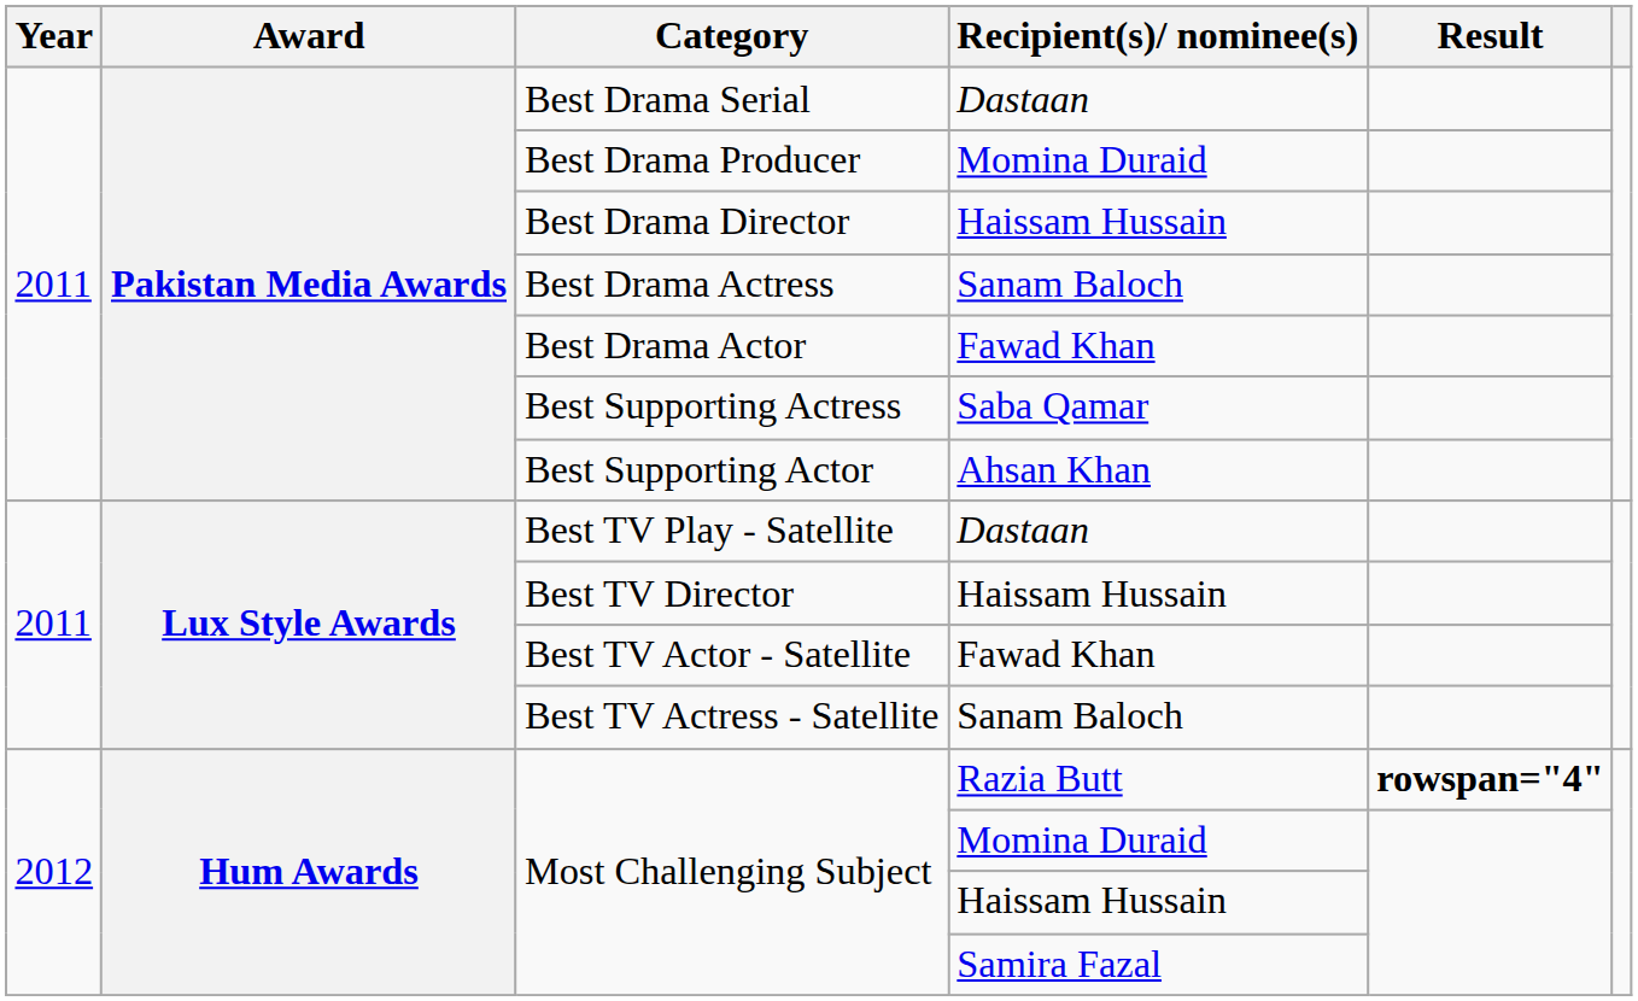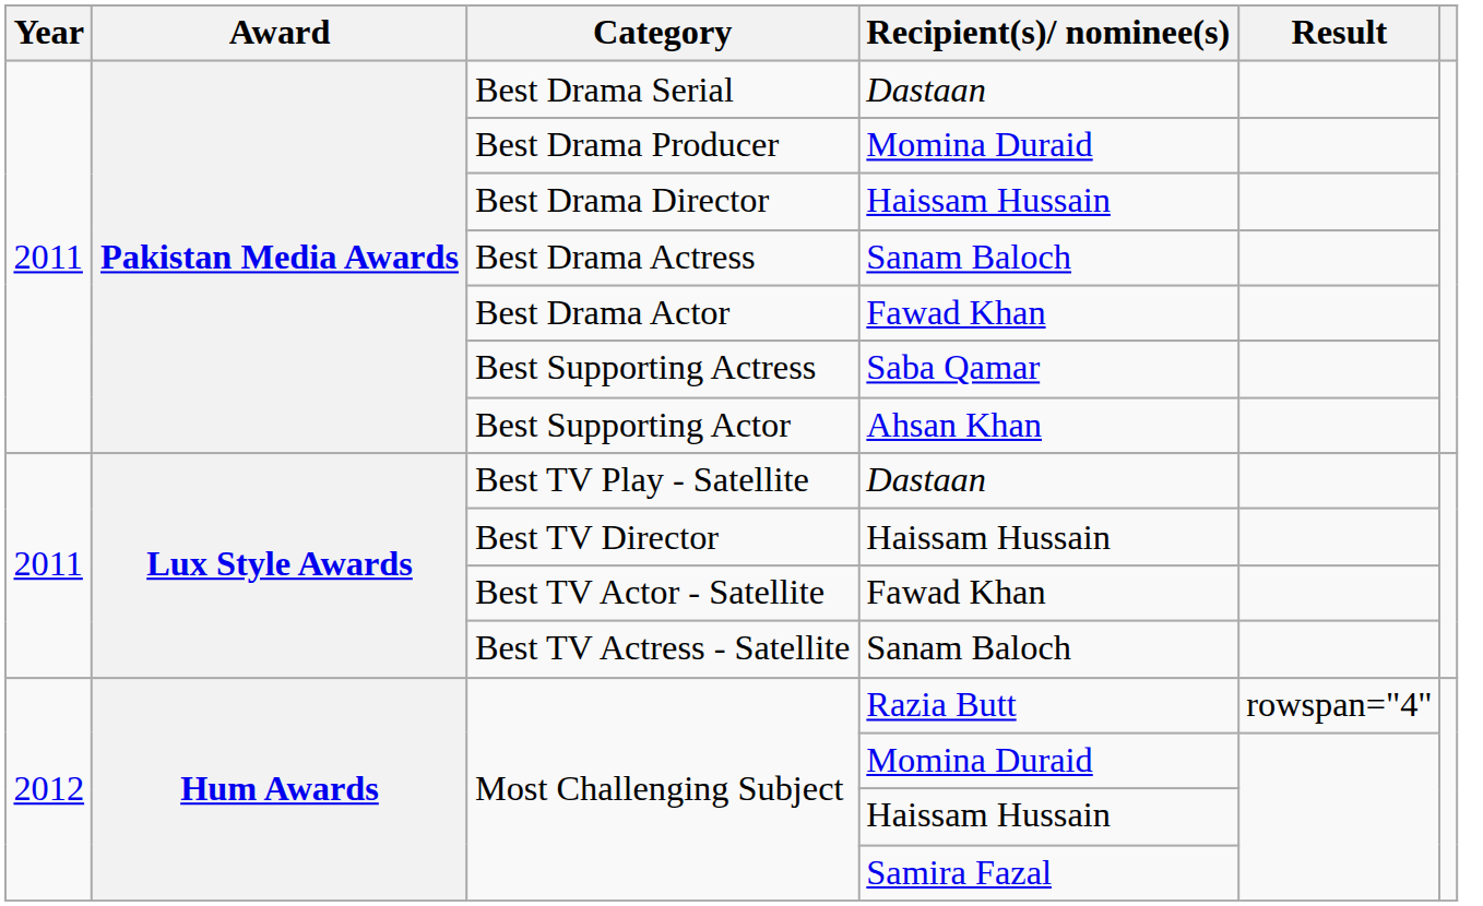 <table class="wikitable plainrowheaders">
 <tr>
 <th>Year</th>
 <th>Award</th>
 <th>Category</th>
 <th>Recipient(s)/ nominee(s)</th>
 <th>Result</th>
 <th></th>
 </tr>
 <tr>
 <td rowspan="7"><a href='#'>2011</a></td>
 <th scope="row" rowspan="7"><a href='#'>Pakistan Media Awards</a></th>
 <td>Best Drama Serial</td>
 <td><em>Dastaan</em></td>
 <td></td>
 <td rowspan="7"></td>
 </tr>
 <tr>
 <td>Best Drama Producer</td>
 <td><a href='#'>Momina Duraid</a></td>
 <td></td>
 </tr>
 <tr>
 <td>Best Drama Director</td>
 <td><a href='#'>Haissam Hussain</a></td>
 <td></td>
 </tr>
 <tr>
 <td>Best Drama Actress</td>
 <td><a href='#'>Sanam Baloch</a></td>
 <td></td>
 </tr>
 <tr>
 <td>Best Drama Actor</td>
 <td><a href='#'>Fawad Khan</a></td>
 <td></td>
 </tr>
 <tr>
 <td>Best Supporting Actress</td>
 <td><a href='#'>Saba Qamar</a></td>
 <td></td>
 </tr>
 <tr>
 <td>Best Supporting Actor</td>
 <td><a href='#'>Ahsan Khan</a></td>
 <td></td>
 </tr>
 <tr>
 <td rowspan="4"><a href='#'>2011</a></td>
 <th scope="row" rowspan="4"><a href='#'>Lux Style Awards</a></th>
 <td>Best TV Play - Satellite</td>
 <td><em>Dastaan</em></td>
 <td></td>
 <td rowspan="4"></td>
 </tr>
 <tr>
 <td>Best TV Director</td>
 <td>Haissam Hussain</td>
 <td></td>
 </tr>
 <tr>
 <td>Best TV Actor - Satellite</td>
 <td>Fawad Khan</td>
 <td></td>
 </tr>
 <tr>
 <td>Best TV Actress - Satellite</td>
 <td>Sanam Baloch</td>
 <td></td>
 </tr>
 <tr>
 <td rowspan="4"><a href='#'>2012</a></td>
 <th scope="row" rowspan="4"><a href='#'>Hum Awards</a></th>
 <td rowspan="4">Most Challenging Subject</td>
 <td><a href='#'>Razia Butt</a></td>
-<td><strong>rowspan="4" </strong></td>
+<td>rowspan="4" </td>
 <td rowspan="4"></td>
 </tr>
 <tr>
 <td><a href='#'>Momina Duraid</a></td>
 </tr>
 <tr>
 <td>Haissam Hussain</td>
 </tr>
 <tr>
 <td><a href='#'>Samira Fazal</a></td>
 </tr>
 </table>
